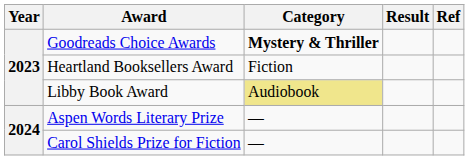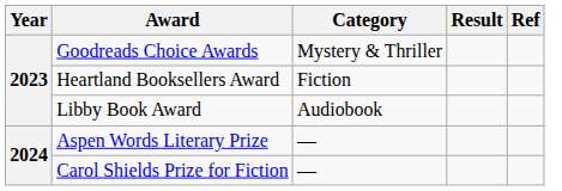 <table class="wikitable sortable">
 <tr>
 <th>Year</th>
 <th>Award</th>
 <th>Category</th>
 <th>Result</th>
 <th>Ref</th>
 </tr>
 <tr>
 <th rowspan="3">2023</th>
 <td><a href='#'>Goodreads Choice Awards</a></td>
-<td><strong>Mystery & Thriller</strong></td>
+<td>Mystery & Thriller</td>
 <td></td>
 <td></td>
 </tr>
 <tr>
 <td>Heartland Booksellers Award</td>
 <td>Fiction</td>
 <td></td>
 <td></td>
 </tr>
 <tr>
 <td>Libby Book Award</td>
-<td style="background: khaki;">Audiobook</td>
+<td>Audiobook</td>
 <td></td>
 <td></td>
 </tr>
 <tr>
 <th rowspan="2">2024</th>
 <td><a href='#'>Aspen Words Literary Prize</a></td>
 <td>—</td>
 <td></td>
 <td></td>
 </tr>
 <tr>
 <td><a href='#'>Carol Shields Prize for Fiction</a></td>
 <td>—</td>
 <td></td>
 <td></td>
 </tr>
 </table>
